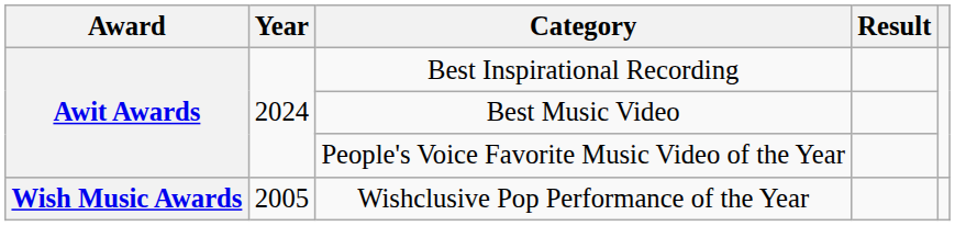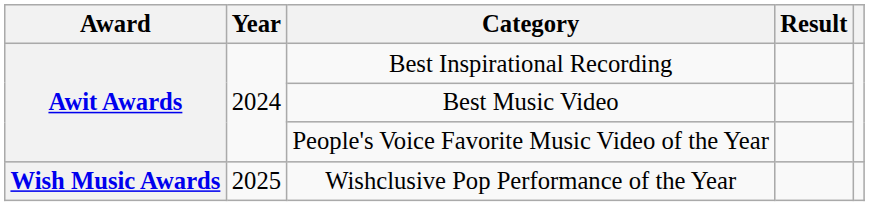 <table class="wikitable sortable plainrowheaders" style="text-align:center;">
 <tr>
 <th scope="col">Award</th>
 <th scope="col">Year</th>
 <th scope="col">Category</th>
 <th scope="col">Result</th>
 <th scope="col" class="unsortable"></th>
 </tr>
 <tr>
 <th rowspan="3" scope="row"><a href='#'>Awit Awards</a></th>
 <td rowspan="3">2024</td>
 <td>Best Inspirational Recording</td>
 <td></td>
 <td rowspan="3"></td>
 </tr>
 <tr>
 <td>Best Music Video</td>
 <td></td>
 </tr>
 <tr>
 <td>People's Voice Favorite Music Video of the Year</td>
 <td></td>
 </tr>
 <tr>
 <th scope="row"><a href='#'>Wish Music Awards</a></th>
-<td>2005</td>
+<td>2025</td>
 <td>Wishclusive Pop Performance of the Year</td>
 <td></td>
 <td></td>
 </tr>
 </table>
